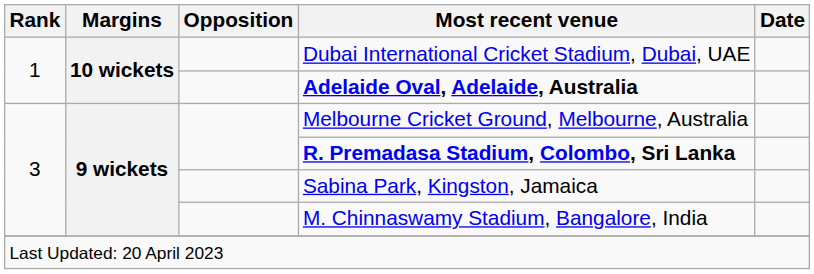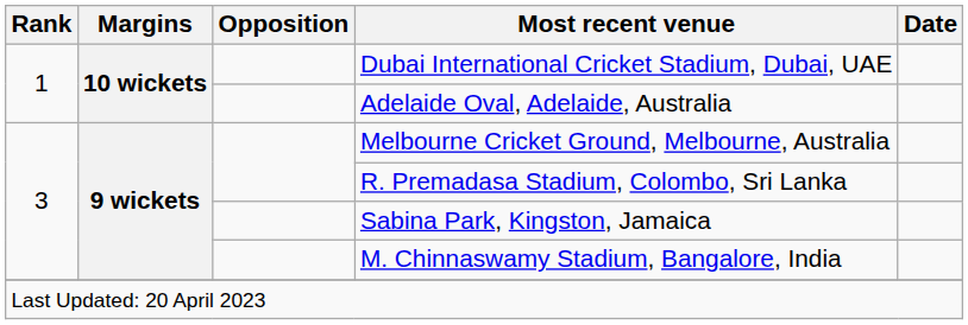 <table class="wikitable sortable">
 <tr>
 <th scope=col>Rank</th>
 <th scope=col>Margins</th>
 <th scope=col>Opposition</th>
 <th scope=col>Most recent venue</th>
 <th scope=col>Date</th>
 </tr>
 <tr>
 <td align=center rowspan=2>1</td>
 <th scope=row style=text-align:center rowspan=2>10 wickets</th>
 <td></td>
 <td><a href='#'>Dubai International Cricket Stadium</a>, <a href='#'>Dubai</a>, UAE</td>
 <td></td>
 </tr>
 <tr>
 <td></td>
-<td><strong><a href='#'>Adelaide Oval</a>, <a href='#'>Adelaide</a>, Australia</strong></td>
+<td><a href='#'>Adelaide Oval</a>, <a href='#'>Adelaide</a>, Australia</td>
 <td></td>
 </tr>
 <tr>
 <td align=center rowspan=4>3</td>
 <th scope=row style=text-align:center rowspan=4>9 wickets</th>
 <td rowspan=2></td>
 <td><a href='#'>Melbourne Cricket Ground</a>, <a href='#'>Melbourne</a>, Australia</td>
 <td></td>
 </tr>
 <tr>
-<td><strong><a href='#'>R. Premadasa Stadium</a>, <a href='#'>Colombo</a>, Sri Lanka</strong></td>
+<td><a href='#'>R. Premadasa Stadium</a>, <a href='#'>Colombo</a>, Sri Lanka</td>
 <td> </td>
 </tr>
 <tr>
 <td></td>
 <td><a href='#'>Sabina Park</a>, <a href='#'>Kingston</a>, Jamaica</td>
 <td></td>
 </tr>
 <tr>
 <td></td>
 <td><a href='#'>M. Chinnaswamy Stadium</a>, <a href='#'>Bangalore</a>, India</td>
 <td></td>
 </tr>
 <tr>
 </tr>
 <tr class=sortbottom>
 <td colspan=5><small>Last Updated: 20 April 2023</small></td>
 </tr>
 </table>
